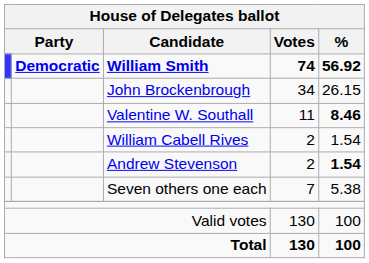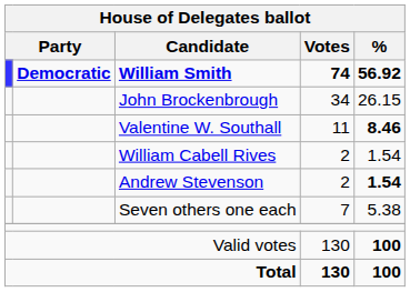 <table class=wikitable style=text-align:right>
 <tr>
 <th colspan="5">House of Delegates ballot</th>
 </tr>
 <tr>
 <th colspan=2>Party</th>
 <th>Candidate</th>
 <th>Votes</th>
 <th>%</th>
 </tr>
 <tr>
 <td bgcolor=#3333FF></td>
 <td align=left><strong><a href='#'>Democratic</a></strong></td>
 <td align=left><strong><a href='#'>William Smith</a></strong></td>
 <td><strong>74</strong></td>
 <td><strong>56.92</strong></td>
 </tr>
 <tr>
 <td bgcolor=></td>
 <td></td>
 <td align=left><a href='#'>John Brockenbrough</a></td>
 <td>34</td>
 <td>26.15</td>
 </tr>
 <tr>
 <td bgcolor=></td>
 <td></td>
 <td align=left><a href='#'>Valentine W. Southall</a></td>
 <td>11</td>
 <td><strong>8.46</strong></td>
 </tr>
 <tr>
 <td bgcolor=></td>
 <td></td>
 <td align=left><a href='#'>William Cabell Rives</a></td>
 <td>2</td>
 <td>1.54</td>
 </tr>
 <tr>
 <td bgcolor=></td>
 <td></td>
 <td align=left><a href='#'>Andrew Stevenson</a></td>
 <td>2</td>
 <td><strong>1.54</strong></td>
 </tr>
 <tr>
 <td bgcolor=></td>
 <td></td>
 <td align=left>Seven others one each</td>
 <td>7</td>
 <td>5.38</td>
 </tr>
 <tr>
 </tr>
 <tr>
 <td colspan=12></td>
 </tr>
 <tr>
 <td colspan=3>Valid votes</td>
 <td>130</td>
-<td>100</td>
+<td><strong>100</strong></td>
 </tr>
 <tr>
 <td colspan=3><strong>Total</strong></td>
 <td><strong>130</strong></td>
 <td><strong>100</strong></td>
 </tr>
 </table>
